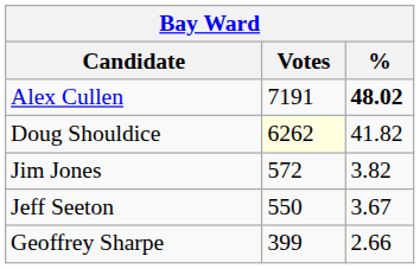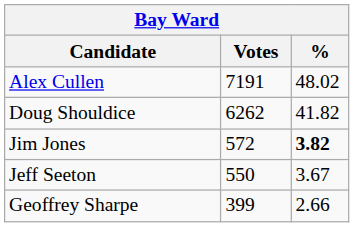 <table class="wikitable">
 <tr>
 <th colspan="3"><a href='#'>Bay Ward</a></th>
 </tr>
 <tr>
 <th style="width: 170px">Candidate</th>
 <th style="width: 50px">Votes</th>
 <th style="width: 40px">%</th>
 </tr>
 <tr>
 <td><a href='#'>Alex Cullen</a></td>
 <td>7191</td>
-<td><strong>48.02</strong></td>
+<td>48.02</td>
 </tr>
 <tr>
 <td>Doug Shouldice</td>
-<td style="background: lightyellow;">6262</td>
+<td>6262</td>
 <td>41.82</td>
 </tr>
 <tr>
 <td>Jim Jones</td>
 <td>572</td>
-<td>3.82</td>
+<td><strong>3.82</strong></td>
 </tr>
 <tr>
 <td>Jeff Seeton</td>
 <td>550</td>
 <td>3.67</td>
 </tr>
 <tr>
 <td>Geoffrey Sharpe</td>
 <td>399</td>
 <td>2.66</td>
 </tr>
 </table>
